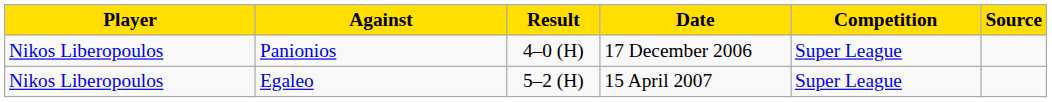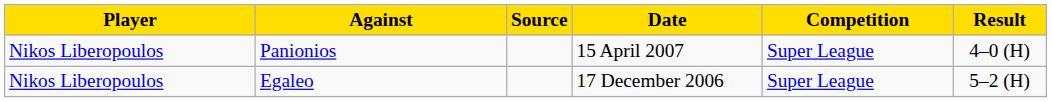 <table class="wikitable">
 <tr>
 <th width=200 style="background:#FFDE00">Player</th>
 <th width=200 style="background:#FFDE00">Against</th>
-<th width=70 style="background:#FFDE00">Result</th>
+<th style="background:#FFDE00">Source</th>
 <th width=150 style="background:#FFDE00">Date</th>
 <th width=150 style="background:#FFDE00">Competition</th>
-<th style="background:#FFDE00">Source</th>
+<th width=70 style="background:#FFDE00">Result</th>
 </tr>
 <tr>
 <td> <a href='#'>Nikos Liberopoulos</a></td>
 <td> <a href='#'>Panionios</a></td>
+<td align=center></td>
+<td>15 April 2007</td>
+<td><a href='#'>Super League</a></td>
 <td align=center>4–0 (H)</td>
-<td>17 December 2006</td>
-<td><a href='#'>Super League</a></td>
-<td align=center></td>
 </tr>
 <tr>
 <td> <a href='#'>Nikos Liberopoulos</a></td>
 <td> <a href='#'>Egaleo</a></td>
+<td align=center></td>
+<td>17 December 2006</td>
+<td><a href='#'>Super League</a></td>
 <td align=center>5–2 (H)</td>
-<td>15 April 2007</td>
-<td><a href='#'>Super League</a></td>
-<td align=center></td>
 </tr>
 </table>
